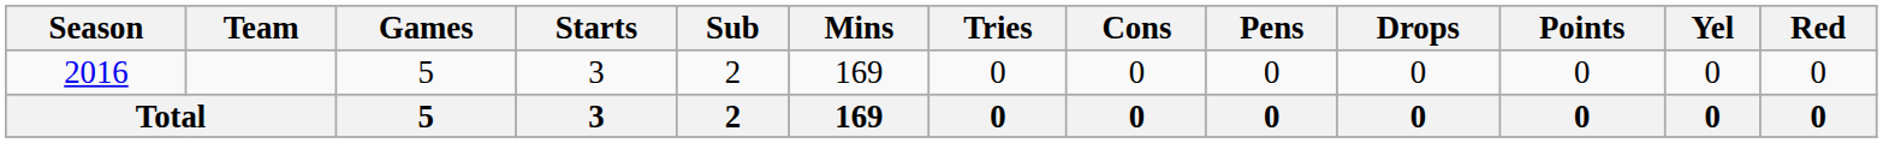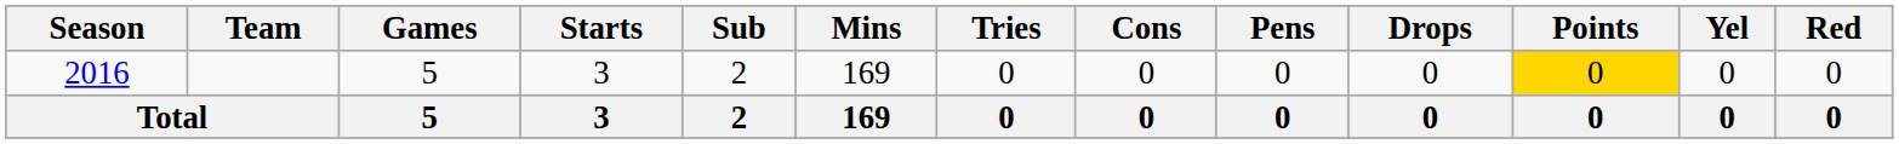 <table class="wikitable" style="text-align:center; line-height:90%; font-size:95%; width:70%;">
 <tr>
 <th>Season</th>
 <th>Team</th>
 <th>Games</th>
 <th>Starts</th>
 <th>Sub</th>
 <th>Mins</th>
 <th>Tries</th>
 <th>Cons</th>
 <th>Pens</th>
 <th>Drops</th>
 <th>Points</th>
 <th>Yel</th>
 <th>Red</th>
 </tr>
 <tr>
 <td><a href='#'>2016</a></td>
 <td></td>
 <td>5</td>
 <td>3</td>
 <td>2</td>
 <td>169</td>
 <td>0</td>
 <td>0</td>
 <td>0</td>
 <td>0</td>
-<td>0</td>
+<td style="background: gold;">0</td>
 <td>0</td>
 <td>0</td>
 </tr>
 <tr>
 <th colspan="2">Total</th>
 <th>5</th>
 <th>3</th>
 <th>2</th>
 <th>169</th>
 <th>0</th>
 <th>0</th>
 <th>0</th>
 <th>0</th>
 <th>0</th>
 <th>0</th>
 <th>0</th>
 </tr>
 </table>
